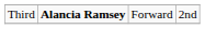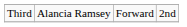 <table class="wikitable" border="1">
 <tr align=center>
 </tr>
 <tr>
 <td rowspan=1>Third</td>
-<td><strong>Alancia Ramsey</strong></td>
+<td>Alancia Ramsey</td>
 <td>Forward</td>
 <td>2nd</td>
 </tr>
 <tr>
 </tr>
 </table>
